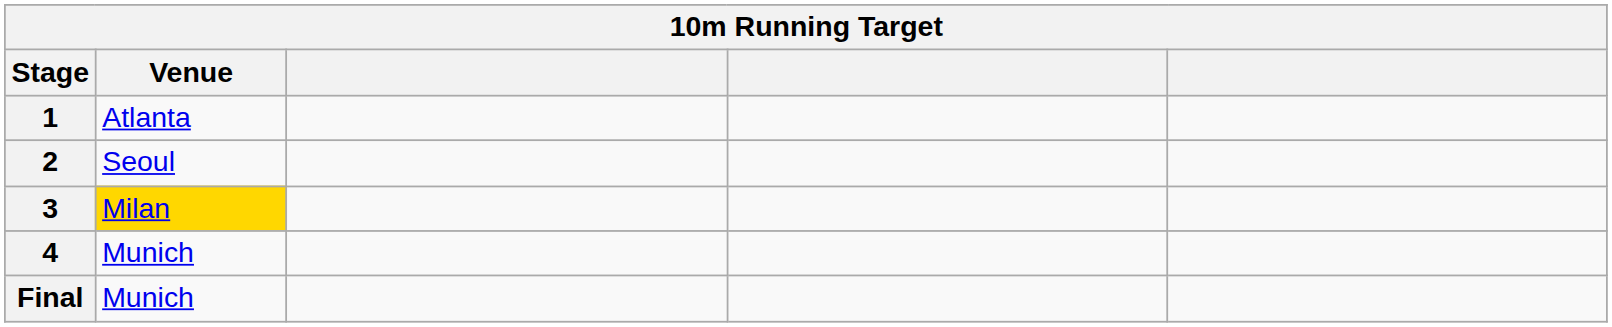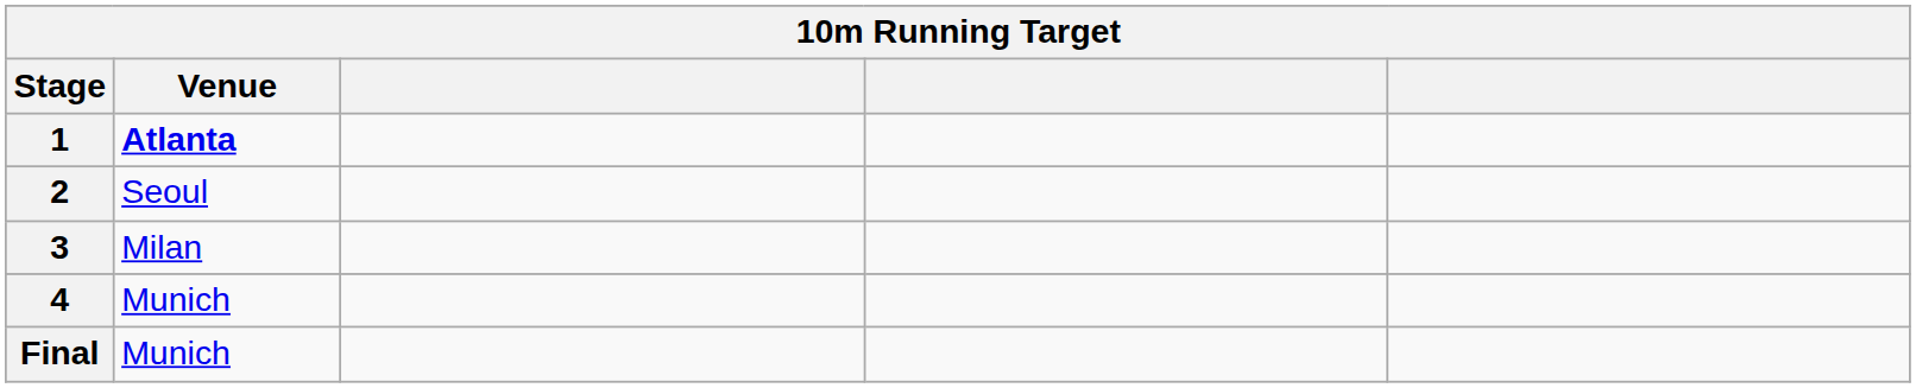 <table class="wikitable">
 <tr>
 <th colspan="5">10m Running Target</th>
 </tr>
 <tr>
 <th>Stage</th>
 <th width=100>Venue</th>
 <th width=240></th>
 <th width=240></th>
 <th width=240></th>
 </tr>
 <tr>
 <th>1</th>
-<td> <a href='#'>Atlanta</a></td>
+<td><strong> <a href='#'>Atlanta</a></strong></td>
 <td></td>
 <td></td>
 <td></td>
 </tr>
 <tr>
 <th>2</th>
 <td> <a href='#'>Seoul</a></td>
 <td></td>
 <td></td>
 <td></td>
 </tr>
 <tr>
 <th>3</th>
-<td style="background: gold;"> <a href='#'>Milan</a></td>
+<td> <a href='#'>Milan</a></td>
 <td></td>
 <td></td>
 <td></td>
 </tr>
 <tr>
 <th>4</th>
 <td> <a href='#'>Munich</a></td>
 <td></td>
 <td></td>
 <td></td>
 </tr>
 <tr>
 <th>Final</th>
 <td> <a href='#'>Munich</a></td>
 <td></td>
 <td></td>
 <td></td>
 </tr>
 </table>
